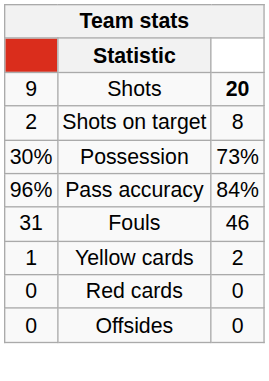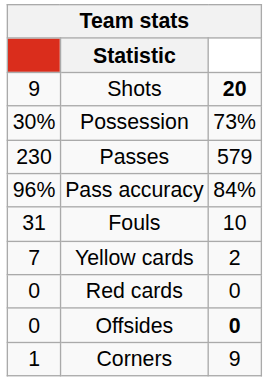 <table class="wikitable" style="margin-left: auto; margin-right: auto; border: none; text-align:center;">
 <tr>
 <th colspan=3>Team stats</th>
 </tr>
 <tr>
 <th style="background: #DA2D1C; color: #FFFFFF;"> <a href='#'></a></th>
 <th>Statistic</th>
 <th style="background: #FFFFFF; color: #000000;"> <a href='#'></a></th>
 </tr>
 <tr>
 <td>9</td>
 <td>Shots</td>
 <td><strong>20</strong></td>
 </tr>
 <tr>
-<td>2</td>
-<td>Shots on target</td>
-<td>8</td>
-</tr>
-<tr>
 <td>30%</td>
 <td>Possession</td>
 <td>73%</td>
+</tr>
+<tr>
+<td>230</td>
+<td>Passes</td>
+<td>579</td>
 </tr>
 <tr>
 <td>96%</td>
 <td>Pass accuracy</td>
 <td>84%</td>
 </tr>
 <tr>
 <td>31</td>
 <td>Fouls</td>
-<td>46</td>
+<td>10</td>
 </tr>
 <tr>
-<td>1</td>
+<td>7</td>
 <td>Yellow cards</td>
 <td>2</td>
 </tr>
 <tr>
 <td>0</td>
 <td>Red cards</td>
 <td>0</td>
 </tr>
 <tr>
 <td>0</td>
 <td>Offsides</td>
-<td>0</td>
+<td><strong>0</strong></td>
+</tr>
+<tr>
+<td>1</td>
+<td>Corners</td>
+<td>9</td>
 </tr>
 </table>
